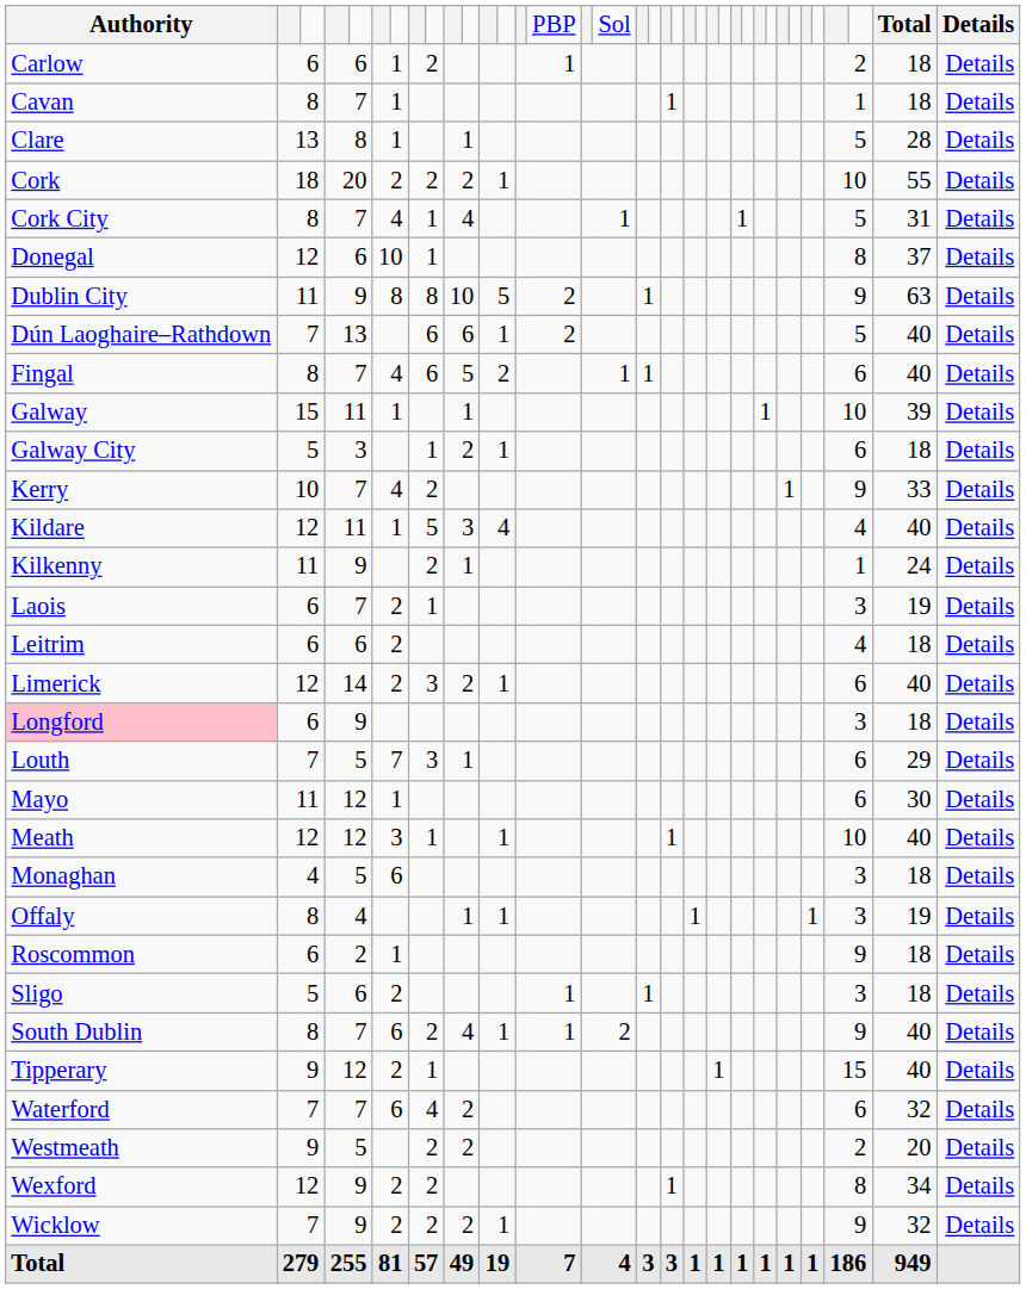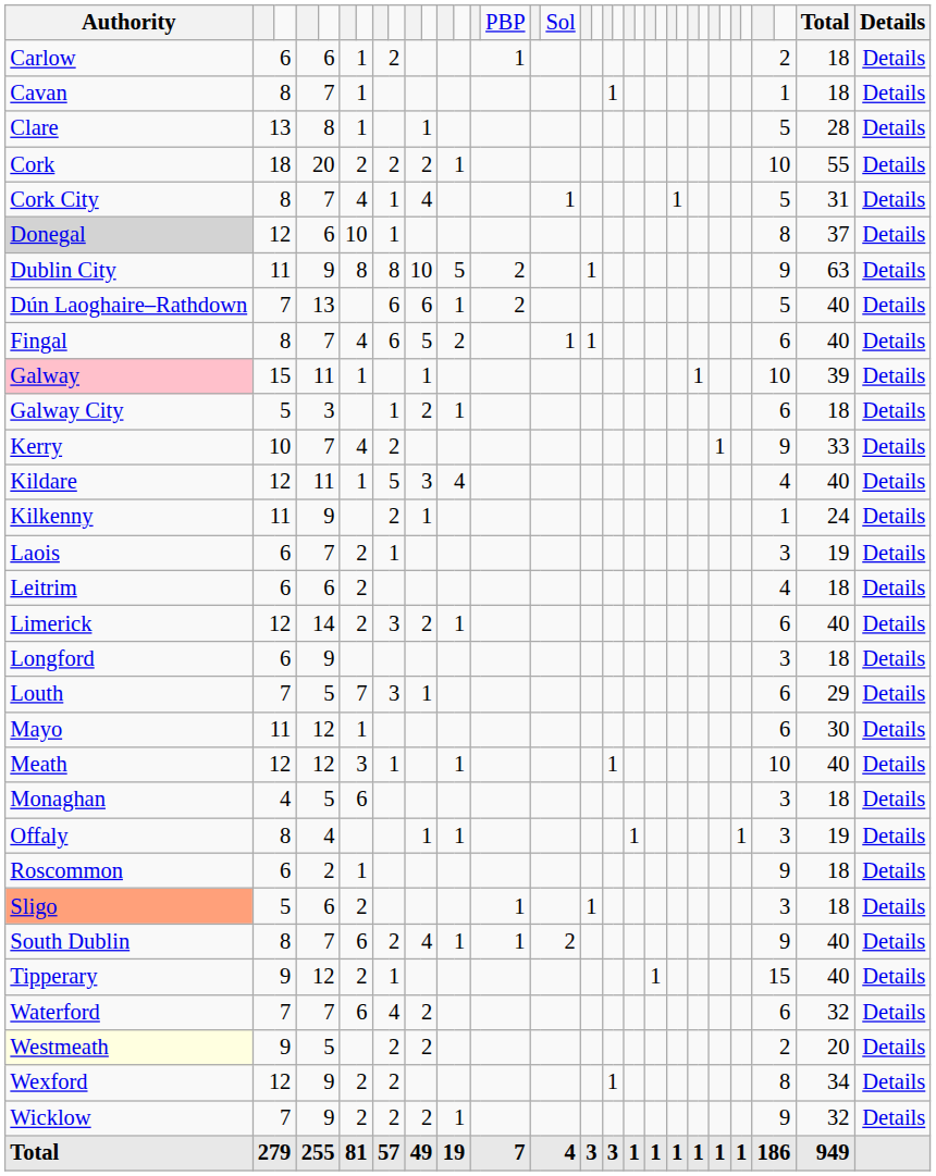 <table class="wikitable" style="text-align:right; padding-left:1em">
 <tr>
 <th align="left">Authority</th>
 <th style="background-color: "></th>
 <td><a href='#'></a></td>
 <th style="background-color: "></th>
 <td><a href='#'></a></td>
 <th style="background-color: "></th>
 <td><a href='#'></a></td>
 <th style="background-color: "></th>
 <td><a href='#'></a></td>
 <th style="background-color: "></th>
 <td><a href='#'></a></td>
 <th style="background-color: "></th>
 <td><a href='#'></a></td>
 <th style="background-color: "></th>
 <td><a href='#'>PBP</a></td>
 <th style="background-color: "></th>
 <td><a href='#'>Sol</a></td>
 <th style="background-color: "></th>
 <td><a href='#'></a></td>
 <th style="background-color: "></th>
 <td><a href='#'></a></td>
 <th style="background-color: "></th>
 <td><a href='#'></a></td>
 <th style="background-color: "></th>
 <td><a href='#'></a></td>
 <th style="background-color: "></th>
 <td><a href='#'></a></td>
 <th style="background-color: "></th>
 <td><a href='#'></a></td>
 <th style="background-color: "></th>
 <td><a href='#'></a></td>
 <th style="background-color: "></th>
 <td><a href='#'></a></td>
 <th style="background-color: "></th>
 <td><a href='#'></a></td>
 <th align="left">Total</th>
 <th>Details</th>
 </tr>
 <tr>
 <td align=left><a href='#'>Carlow</a></td>
 <td colspan=2>6</td>
 <td colspan=2>6</td>
 <td colspan=2>1</td>
 <td colspan=2>2</td>
 <td colspan=2></td>
 <td colspan=2></td>
 <td colspan=2>1</td>
 <td colspan=2></td>
 <td colspan=2></td>
 <td colspan=2></td>
 <td colspan=2></td>
 <td colspan=2></td>
 <td colspan=2></td>
 <td colspan=2></td>
 <td colspan=2></td>
 <td colspan=2></td>
 <td colspan=2>2</td>
 <td>18</td>
 <td><a href='#'>Details</a></td>
 </tr>
 <tr>
 <td align=left><a href='#'>Cavan</a></td>
 <td colspan=2>8</td>
 <td colspan=2>7</td>
 <td colspan=2>1</td>
 <td colspan=2></td>
 <td colspan=2></td>
 <td colspan=2></td>
 <td colspan=2></td>
 <td colspan=2></td>
 <td colspan=2></td>
 <td colspan=2>1</td>
 <td colspan=2></td>
 <td colspan=2></td>
 <td colspan=2></td>
 <td colspan=2></td>
 <td colspan=2></td>
 <td colspan=2></td>
 <td colspan=2>1</td>
 <td>18</td>
 <td><a href='#'>Details</a></td>
 </tr>
 <tr>
 <td align=left><a href='#'>Clare</a></td>
 <td colspan=2>13</td>
 <td colspan=2>8</td>
 <td colspan=2>1</td>
 <td colspan=2></td>
 <td colspan=2>1</td>
 <td colspan=2></td>
 <td colspan=2></td>
 <td colspan=2></td>
 <td colspan=2></td>
 <td colspan=2></td>
 <td colspan=2></td>
 <td colspan=2></td>
 <td colspan=2></td>
 <td colspan=2></td>
 <td colspan=2></td>
 <td colspan=2></td>
 <td colspan=2>5</td>
 <td>28</td>
 <td><a href='#'>Details</a></td>
 </tr>
 <tr>
 <td align=left><a href='#'>Cork</a></td>
 <td colspan=2>18</td>
 <td colspan=2>20</td>
 <td colspan=2>2</td>
 <td colspan=2>2</td>
 <td colspan=2>2</td>
 <td colspan=2>1</td>
 <td colspan=2></td>
 <td colspan=2></td>
 <td colspan=2></td>
 <td colspan=2></td>
 <td colspan=2></td>
 <td colspan=2></td>
 <td colspan=2></td>
 <td colspan=2></td>
 <td colspan=2></td>
 <td colspan=2></td>
 <td colspan=2>10</td>
 <td>55</td>
 <td><a href='#'>Details</a></td>
 </tr>
 <tr>
 <td align=left><a href='#'>Cork City</a></td>
 <td colspan=2>8</td>
 <td colspan=2>7</td>
 <td colspan=2>4</td>
 <td colspan=2>1</td>
 <td colspan=2>4</td>
 <td colspan=2></td>
 <td colspan=2></td>
 <td colspan=2>1</td>
 <td colspan=2></td>
 <td colspan=2></td>
 <td colspan=2></td>
 <td colspan=2></td>
 <td colspan=2>1</td>
 <td colspan=2></td>
 <td colspan=2></td>
 <td colspan=2></td>
 <td colspan=2>5</td>
 <td>31</td>
 <td><a href='#'>Details</a></td>
 </tr>
 <tr>
-<td align=left><a href='#'>Donegal</a></td>
+<td align=left style="background: lightgrey;"><a href='#'>Donegal</a></td>
 <td colspan=2>12</td>
 <td colspan=2>6</td>
 <td colspan=2>10</td>
 <td colspan=2>1</td>
 <td colspan=2></td>
 <td colspan=2></td>
 <td colspan=2></td>
 <td colspan=2></td>
 <td colspan=2></td>
 <td colspan=2></td>
 <td colspan=2></td>
 <td colspan=2></td>
 <td colspan=2></td>
 <td colspan=2></td>
 <td colspan=2></td>
 <td colspan=2></td>
 <td colspan=2>8</td>
 <td>37</td>
 <td><a href='#'>Details</a></td>
 </tr>
 <tr>
 <td align=left><a href='#'>Dublin City</a></td>
 <td colspan=2>11</td>
 <td colspan=2>9</td>
 <td colspan=2>8</td>
 <td colspan=2>8</td>
 <td colspan=2>10</td>
 <td colspan=2>5</td>
 <td colspan=2>2</td>
 <td colspan=2></td>
 <td colspan=2>1</td>
 <td colspan=2></td>
 <td colspan=2></td>
 <td colspan=2></td>
 <td colspan=2></td>
 <td colspan=2></td>
 <td colspan=2></td>
 <td colspan=2></td>
 <td colspan="2">9</td>
 <td>63</td>
 <td><a href='#'>Details</a></td>
 </tr>
 <tr>
 <td align=left><a href='#'>Dún Laoghaire–Rathdown</a></td>
 <td colspan=2>7</td>
 <td colspan=2>13</td>
 <td colspan=2></td>
 <td colspan=2>6</td>
 <td colspan=2>6</td>
 <td colspan=2>1</td>
 <td colspan=2>2</td>
 <td colspan=2></td>
 <td colspan=2></td>
 <td colspan=2></td>
 <td colspan=2></td>
 <td colspan=2></td>
 <td colspan=2></td>
 <td colspan=2></td>
 <td colspan=2></td>
 <td colspan=2></td>
 <td colspan=2>5</td>
 <td>40</td>
 <td><a href='#'>Details</a></td>
 </tr>
 <tr>
 <td align=left><a href='#'>Fingal</a></td>
 <td colspan=2>8</td>
 <td colspan=2>7</td>
 <td colspan=2>4</td>
 <td colspan=2>6</td>
 <td colspan=2>5</td>
 <td colspan=2>2</td>
 <td colspan=2></td>
 <td colspan=2>1</td>
 <td colspan=2>1</td>
 <td colspan=2></td>
 <td colspan=2></td>
 <td colspan=2></td>
 <td colspan=2></td>
 <td colspan=2></td>
 <td colspan=2></td>
 <td colspan=2></td>
 <td colspan=2>6</td>
 <td>40</td>
 <td><a href='#'>Details</a></td>
 </tr>
 <tr>
-<td align=left><a href='#'>Galway</a></td>
+<td align=left style="background: pink;"><a href='#'>Galway</a></td>
 <td colspan=2>15</td>
 <td colspan=2>11</td>
 <td colspan=2>1</td>
 <td colspan=2></td>
 <td colspan=2>1</td>
 <td colspan=2></td>
 <td colspan=2></td>
 <td colspan=2></td>
 <td colspan=2></td>
 <td colspan=2></td>
 <td colspan=2></td>
 <td colspan=2></td>
 <td colspan=2></td>
 <td colspan=2>1</td>
 <td colspan=2></td>
 <td colspan=2></td>
 <td colspan=2>10</td>
 <td>39</td>
 <td><a href='#'>Details</a></td>
 </tr>
 <tr>
 <td align=left><a href='#'>Galway City</a></td>
 <td colspan=2>5</td>
 <td colspan=2>3</td>
 <td colspan=2></td>
 <td colspan=2>1</td>
 <td colspan=2>2</td>
 <td colspan=2>1</td>
 <td colspan=2></td>
 <td colspan=2></td>
 <td colspan=2></td>
 <td colspan=2></td>
 <td colspan=2></td>
 <td colspan=2></td>
 <td colspan=2></td>
 <td colspan=2></td>
 <td colspan=2></td>
 <td colspan=2></td>
 <td colspan=2>6</td>
 <td>18</td>
 <td><a href='#'>Details</a></td>
 </tr>
 <tr>
 <td align=left><a href='#'>Kerry</a></td>
 <td colspan=2>10</td>
 <td colspan=2>7</td>
 <td colspan=2>4</td>
 <td colspan=2>2</td>
 <td colspan=2></td>
 <td colspan=2></td>
 <td colspan=2></td>
 <td colspan=2></td>
 <td colspan=2></td>
 <td colspan=2></td>
 <td colspan=2></td>
 <td colspan=2></td>
 <td colspan=2></td>
 <td colspan=2></td>
 <td colspan=2>1</td>
 <td colspan=2></td>
 <td colspan=2>9</td>
 <td>33</td>
 <td><a href='#'>Details</a></td>
 </tr>
 <tr>
 <td align=left><a href='#'>Kildare</a></td>
 <td colspan=2>12</td>
 <td colspan=2>11</td>
 <td colspan=2>1</td>
 <td colspan=2>5</td>
 <td colspan=2>3</td>
 <td colspan=2>4</td>
 <td colspan=2></td>
 <td colspan=2></td>
 <td colspan=2></td>
 <td colspan=2></td>
 <td colspan=2></td>
 <td colspan=2></td>
 <td colspan=2></td>
 <td colspan=2></td>
 <td colspan=2></td>
 <td colspan=2></td>
 <td colspan=2>4</td>
 <td>40</td>
 <td><a href='#'>Details</a></td>
 </tr>
 <tr>
 <td align=left><a href='#'>Kilkenny</a></td>
 <td colspan=2>11</td>
 <td colspan=2>9</td>
 <td colspan=2></td>
 <td colspan=2>2</td>
 <td colspan=2>1</td>
 <td colspan=2></td>
 <td colspan=2></td>
 <td colspan=2></td>
 <td colspan=2></td>
 <td colspan=2></td>
 <td colspan=2></td>
 <td colspan=2></td>
 <td colspan=2></td>
 <td colspan=2></td>
 <td colspan=2></td>
 <td colspan=2></td>
 <td colspan=2>1</td>
 <td>24</td>
 <td><a href='#'>Details</a></td>
 </tr>
 <tr>
 <td align=left><a href='#'>Laois</a></td>
 <td colspan=2>6</td>
 <td colspan=2>7</td>
 <td colspan=2>2</td>
 <td colspan=2>1</td>
 <td colspan=2></td>
 <td colspan=2></td>
 <td colspan=2></td>
 <td colspan=2></td>
 <td colspan=2></td>
 <td colspan=2></td>
 <td colspan=2></td>
 <td colspan=2></td>
 <td colspan=2></td>
 <td colspan=2></td>
 <td colspan=2></td>
 <td colspan=2></td>
 <td colspan=2>3</td>
 <td>19</td>
 <td><a href='#'>Details</a></td>
 </tr>
 <tr>
 <td align=left><a href='#'>Leitrim</a></td>
 <td colspan=2>6</td>
 <td colspan=2>6</td>
 <td colspan=2>2</td>
 <td colspan=2></td>
 <td colspan=2></td>
 <td colspan=2></td>
 <td colspan=2></td>
 <td colspan=2></td>
 <td colspan=2></td>
 <td colspan=2></td>
 <td colspan=2></td>
 <td colspan=2></td>
 <td colspan=2></td>
 <td colspan=2></td>
 <td colspan=2></td>
 <td colspan=2></td>
 <td colspan=2>4</td>
 <td>18</td>
 <td><a href='#'>Details</a></td>
 </tr>
 <tr>
 <td align=left><a href='#'>Limerick</a></td>
 <td colspan=2>12</td>
 <td colspan=2>14</td>
 <td colspan=2>2</td>
 <td colspan=2>3</td>
 <td colspan=2>2</td>
 <td colspan=2>1</td>
 <td colspan=2></td>
 <td colspan=2></td>
 <td colspan=2></td>
 <td colspan=2></td>
 <td colspan=2></td>
 <td colspan=2></td>
 <td colspan=2></td>
 <td colspan=2></td>
 <td colspan=2></td>
 <td colspan=2></td>
 <td colspan=2>6</td>
 <td>40</td>
 <td><a href='#'>Details</a></td>
 </tr>
 <tr>
-<td align=left style="background: pink;"><a href='#'>Longford</a></td>
+<td align=left><a href='#'>Longford</a></td>
 <td colspan=2>6</td>
 <td colspan=2>9</td>
 <td colspan=2></td>
 <td colspan=2></td>
 <td colspan=2></td>
 <td colspan=2></td>
 <td colspan=2></td>
 <td colspan=2></td>
 <td colspan=2></td>
 <td colspan=2></td>
 <td colspan=2></td>
 <td colspan=2></td>
 <td colspan=2></td>
 <td colspan=2></td>
 <td colspan=2></td>
 <td colspan=2></td>
 <td colspan=2>3</td>
 <td>18</td>
 <td><a href='#'>Details</a></td>
 </tr>
 <tr>
 <td align=left><a href='#'>Louth</a></td>
 <td colspan=2>7</td>
 <td colspan=2>5</td>
 <td colspan=2>7</td>
 <td colspan=2>3</td>
 <td colspan=2>1</td>
 <td colspan=2></td>
 <td colspan=2></td>
 <td colspan=2></td>
 <td colspan=2></td>
 <td colspan=2></td>
 <td colspan=2></td>
 <td colspan=2></td>
 <td colspan=2></td>
 <td colspan=2></td>
 <td colspan=2></td>
 <td colspan=2></td>
 <td colspan=2>6</td>
 <td>29</td>
 <td><a href='#'>Details</a></td>
 </tr>
 <tr>
 <td align=left><a href='#'>Mayo</a></td>
 <td colspan=2>11</td>
 <td colspan=2>12</td>
 <td colspan=2>1</td>
 <td colspan=2></td>
 <td colspan=2></td>
 <td colspan=2></td>
 <td colspan=2></td>
 <td colspan=2></td>
 <td colspan=2></td>
 <td colspan=2></td>
 <td colspan=2></td>
 <td colspan=2></td>
 <td colspan=2></td>
 <td colspan=2></td>
 <td colspan=2></td>
 <td colspan=2></td>
 <td colspan=2>6</td>
 <td>30</td>
 <td><a href='#'>Details</a></td>
 </tr>
 <tr>
 <td align=left><a href='#'>Meath</a></td>
 <td colspan=2>12</td>
 <td colspan=2>12</td>
 <td colspan=2>3</td>
 <td colspan=2>1</td>
 <td colspan=2></td>
 <td colspan=2>1</td>
 <td colspan=2></td>
 <td colspan=2></td>
 <td colspan=2></td>
 <td colspan=2>1</td>
 <td colspan=2></td>
 <td colspan=2></td>
 <td colspan=2></td>
 <td colspan=2></td>
 <td colspan=2></td>
 <td colspan=2></td>
 <td colspan=2>10</td>
 <td>40</td>
 <td><a href='#'>Details</a></td>
 </tr>
 <tr>
 <td align=left><a href='#'>Monaghan</a></td>
 <td colspan=2>4</td>
 <td colspan=2>5</td>
 <td colspan=2>6</td>
 <td colspan=2></td>
 <td colspan=2></td>
 <td colspan=2></td>
 <td colspan=2></td>
 <td colspan=2></td>
 <td colspan=2></td>
 <td colspan=2></td>
 <td colspan=2></td>
 <td colspan=2></td>
 <td colspan=2></td>
 <td colspan=2></td>
 <td colspan=2></td>
 <td colspan=2></td>
 <td colspan=2>3</td>
 <td>18</td>
 <td><a href='#'>Details</a></td>
 </tr>
 <tr>
 <td align=left><a href='#'>Offaly</a></td>
 <td colspan=2>8</td>
 <td colspan=2>4</td>
 <td colspan=2></td>
 <td colspan=2></td>
 <td colspan=2>1</td>
 <td colspan=2>1</td>
 <td colspan=2></td>
 <td colspan=2></td>
 <td colspan=2></td>
 <td colspan=2></td>
 <td colspan=2>1</td>
 <td colspan=2></td>
 <td colspan=2></td>
 <td colspan=2></td>
 <td colspan=2></td>
 <td colspan=2>1</td>
 <td colspan=2>3</td>
 <td>19</td>
 <td><a href='#'>Details</a></td>
 </tr>
 <tr>
 <td align=left><a href='#'>Roscommon</a></td>
 <td colspan=2>6</td>
 <td colspan=2>2</td>
 <td colspan=2>1</td>
 <td colspan=2></td>
 <td colspan=2></td>
 <td colspan=2></td>
 <td colspan=2></td>
 <td colspan=2></td>
 <td colspan=2></td>
 <td colspan=2></td>
 <td colspan=2></td>
 <td colspan=2></td>
 <td colspan=2></td>
 <td colspan=2></td>
 <td colspan=2></td>
 <td colspan=2></td>
 <td colspan=2>9</td>
 <td>18</td>
 <td><a href='#'>Details</a></td>
 </tr>
 <tr>
-<td align=left><a href='#'>Sligo</a></td>
+<td align=left style="background: lightsalmon;"><a href='#'>Sligo</a></td>
 <td colspan=2>5</td>
 <td colspan=2>6</td>
 <td colspan=2>2</td>
 <td colspan=2></td>
 <td colspan=2></td>
 <td colspan=2></td>
 <td colspan=2>1</td>
 <td colspan=2></td>
 <td colspan=2>1</td>
 <td colspan=2></td>
 <td colspan=2></td>
 <td colspan=2></td>
 <td colspan=2></td>
 <td colspan=2></td>
 <td colspan=2></td>
 <td colspan=2></td>
 <td colspan=2>3</td>
 <td>18</td>
 <td><a href='#'>Details</a></td>
 </tr>
 <tr>
 <td align=left><a href='#'>South Dublin</a></td>
 <td colspan=2>8</td>
 <td colspan=2>7</td>
 <td colspan=2>6</td>
 <td colspan=2>2</td>
 <td colspan=2>4</td>
 <td colspan=2>1</td>
 <td colspan=2>1</td>
 <td colspan=2>2</td>
 <td colspan=2></td>
 <td colspan=2></td>
 <td colspan=2></td>
 <td colspan=2></td>
 <td colspan=2></td>
 <td colspan=2></td>
 <td colspan=2></td>
 <td colspan=2></td>
 <td colspan=2>9</td>
 <td>40</td>
 <td><a href='#'>Details</a></td>
 </tr>
 <tr>
 <td align=left><a href='#'>Tipperary</a></td>
 <td colspan=2>9</td>
 <td colspan=2>12</td>
 <td colspan=2>2</td>
 <td colspan=2>1</td>
 <td colspan=2></td>
 <td colspan=2></td>
 <td colspan=2></td>
 <td colspan=2></td>
 <td colspan=2></td>
 <td colspan=2></td>
 <td colspan=2></td>
 <td colspan=2>1</td>
 <td colspan=2></td>
 <td colspan=2></td>
 <td colspan=2></td>
 <td colspan=2></td>
 <td colspan=2>15</td>
 <td>40</td>
 <td><a href='#'>Details</a></td>
 </tr>
 <tr>
 <td align=left><a href='#'>Waterford</a></td>
 <td colspan=2>7</td>
 <td colspan=2>7</td>
 <td colspan=2>6</td>
 <td colspan=2>4</td>
 <td colspan=2>2</td>
 <td colspan=2></td>
 <td colspan=2></td>
 <td colspan=2></td>
 <td colspan=2></td>
 <td colspan=2></td>
 <td colspan=2></td>
 <td colspan=2></td>
 <td colspan=2></td>
 <td colspan=2></td>
 <td colspan=2></td>
 <td colspan=2></td>
 <td colspan=2>6</td>
 <td>32</td>
 <td><a href='#'>Details</a></td>
 </tr>
 <tr>
-<td align=left><a href='#'>Westmeath</a></td>
+<td align=left style="background: lightyellow;"><a href='#'>Westmeath</a></td>
 <td colspan=2>9</td>
 <td colspan=2>5</td>
 <td colspan=2></td>
 <td colspan=2>2</td>
 <td colspan=2>2</td>
 <td colspan=2></td>
 <td colspan=2></td>
 <td colspan=2></td>
 <td colspan=2></td>
 <td colspan=2></td>
 <td colspan=2></td>
 <td colspan=2></td>
 <td colspan=2></td>
 <td colspan=2></td>
 <td colspan=2></td>
 <td colspan=2></td>
 <td colspan=2>2</td>
 <td>20</td>
 <td><a href='#'>Details</a></td>
 </tr>
 <tr>
 <td align=left><a href='#'>Wexford</a></td>
 <td colspan=2>12</td>
 <td colspan=2>9</td>
 <td colspan=2>2</td>
 <td colspan=2>2</td>
 <td colspan=2></td>
 <td colspan=2></td>
 <td colspan=2></td>
 <td colspan=2></td>
 <td colspan=2></td>
 <td colspan=2>1</td>
 <td colspan=2></td>
 <td colspan=2></td>
 <td colspan=2></td>
 <td colspan=2></td>
 <td colspan=2></td>
 <td colspan=2></td>
 <td colspan=2>8</td>
 <td>34</td>
 <td><a href='#'>Details</a></td>
 </tr>
 <tr>
 <td align=left><a href='#'>Wicklow</a></td>
 <td colspan=2>7</td>
 <td colspan=2>9</td>
 <td colspan=2>2</td>
 <td colspan=2>2</td>
 <td colspan=2>2</td>
 <td colspan=2>1</td>
 <td colspan=2></td>
 <td colspan=2></td>
 <td colspan=2></td>
 <td colspan=2></td>
 <td colspan=2></td>
 <td colspan=2></td>
 <td colspan=2></td>
 <td colspan=2></td>
 <td colspan=2></td>
 <td colspan=2></td>
 <td colspan=2>9</td>
 <td>32</td>
 <td><a href='#'>Details</a></td>
 </tr>
 <tr class="sortbottom" style="font-weight:bold; background:rgb(232,232,232);">
 <td align=left>Total</td>
 <td colspan=2>279</td>
 <td colspan=2>255</td>
 <td colspan=2>81</td>
 <td colspan=2>57</td>
 <td colspan=2>49</td>
 <td colspan=2>19</td>
 <td colspan=2>7</td>
 <td colspan=2>4</td>
 <td colspan=2>3</td>
 <td colspan=2>3</td>
 <td colspan=2>1</td>
 <td colspan=2>1</td>
 <td colspan=2>1</td>
 <td colspan=2>1</td>
 <td colspan=2>1</td>
 <td colspan=2>1</td>
 <td colspan=2>186 </td>
 <td>949</td>
 <td></td>
 </tr>
 </table>
